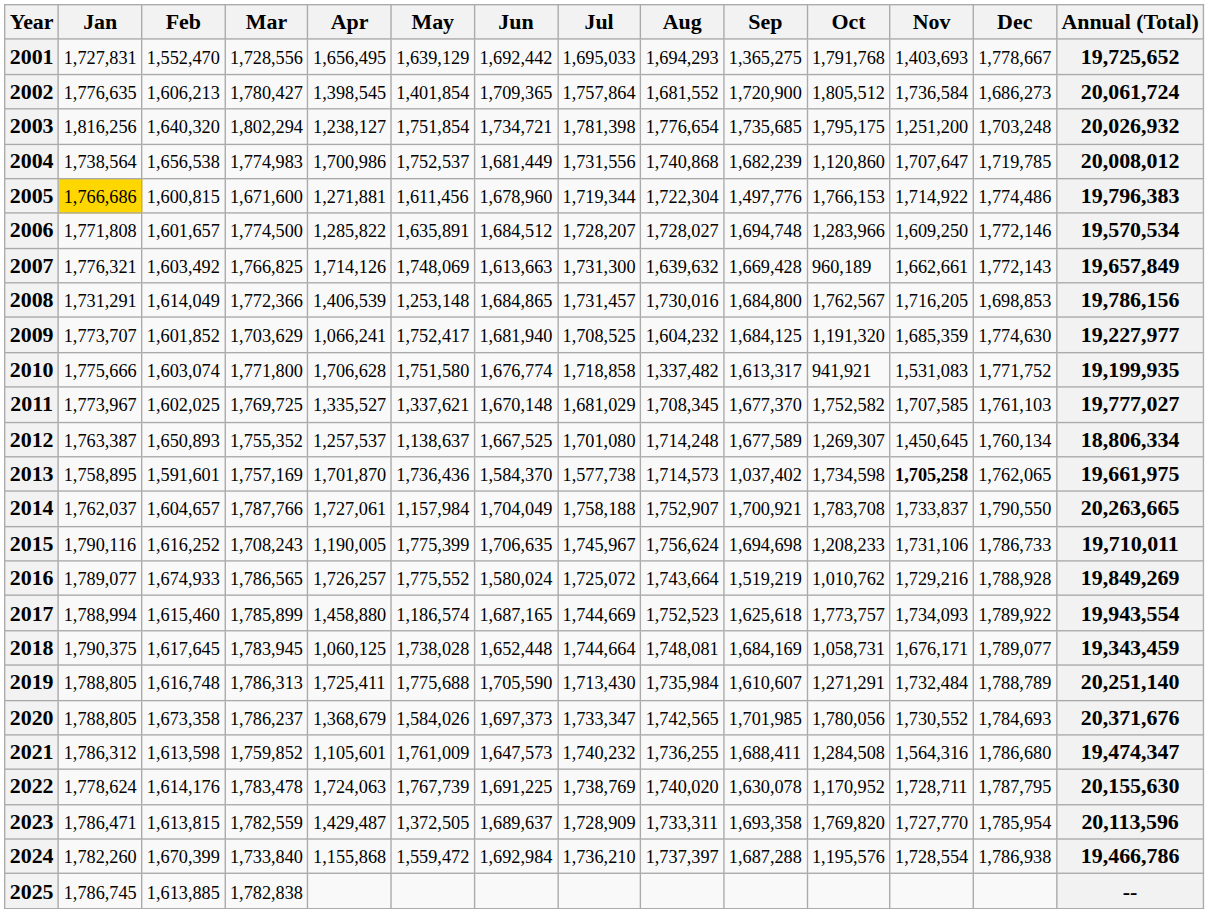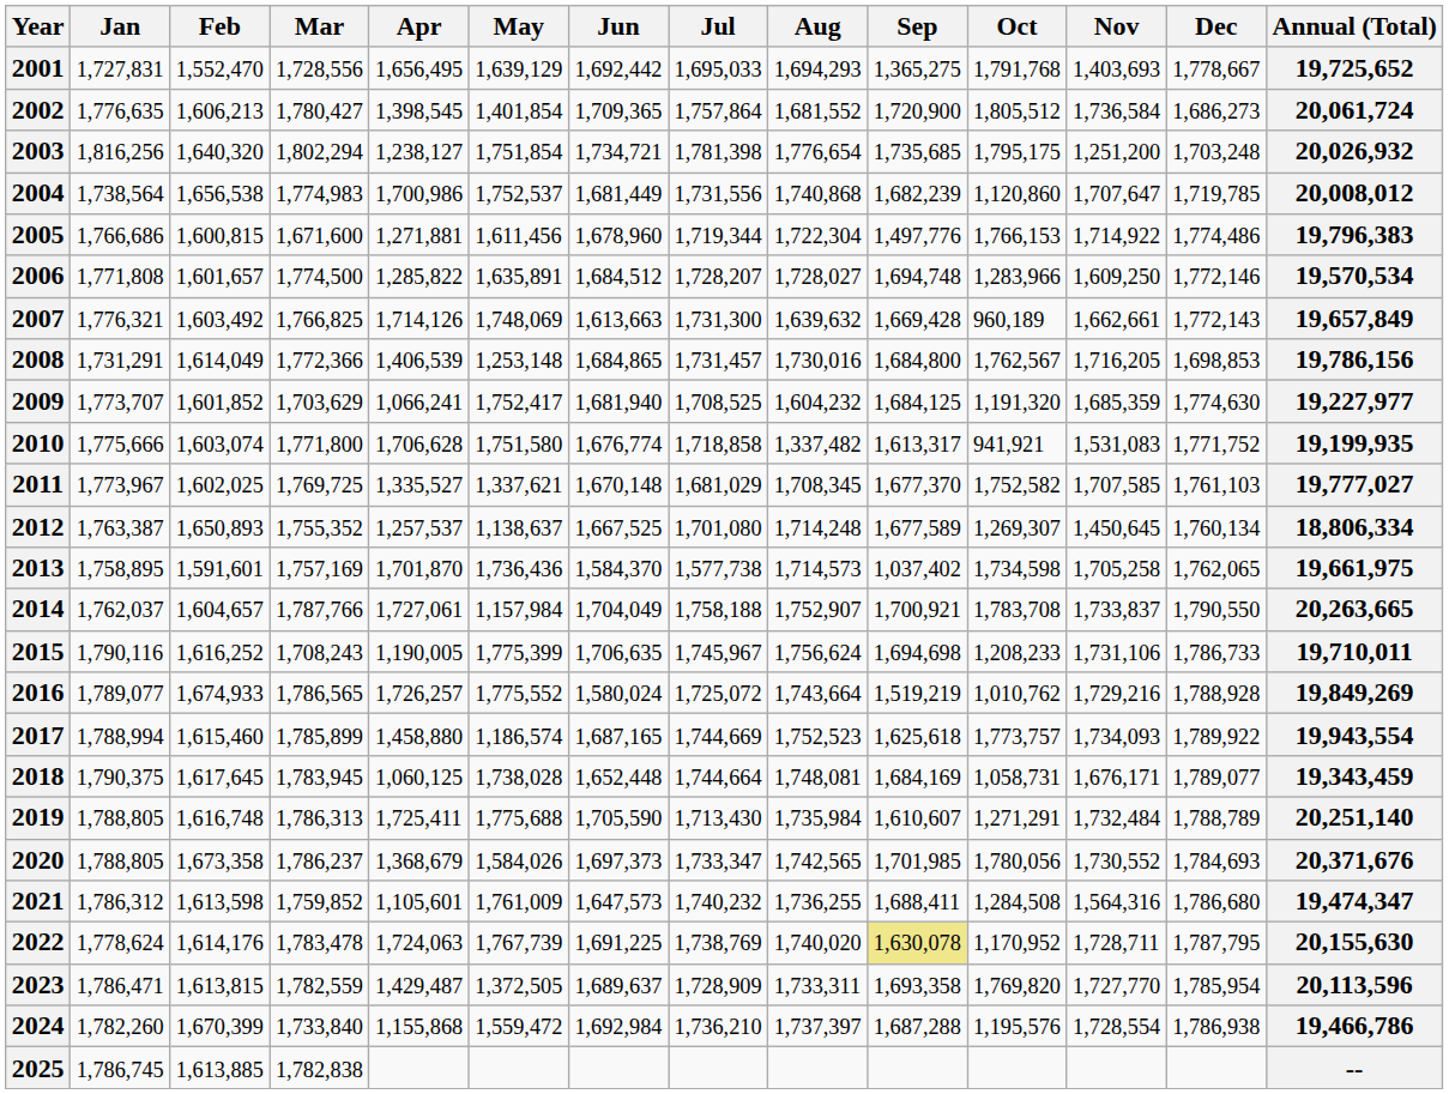 <table class="wikitable">
 <tr>
 <th>Year</th>
 <th>Jan</th>
 <th>Feb</th>
 <th>Mar</th>
 <th>Apr</th>
 <th>May</th>
 <th>Jun</th>
 <th>Jul</th>
 <th>Aug</th>
 <th>Sep</th>
 <th>Oct</th>
 <th>Nov</th>
 <th>Dec</th>
 <th>Annual (Total)</th>
 </tr>
 <tr>
 <th>2001</th>
 <td><small>1,727,831</small></td>
 <td><small>1,552,470</small></td>
 <td><small>1,728,556</small></td>
 <td><small>1,656,495</small></td>
 <td><small>1,639,129</small></td>
 <td><small>1,692,442</small></td>
 <td><small>1,695,033</small></td>
 <td><small>1,694,293</small></td>
 <td><small>1,365,275</small></td>
 <td><small>1,791,768</small></td>
 <td><small>1,403,693</small></td>
 <td><small>1,778,667</small></td>
 <th>19,725,652</th>
 </tr>
 <tr>
 <th>2002</th>
 <td><small>1,776,635</small></td>
 <td><small>1,606,213</small></td>
 <td><small>1,780,427</small></td>
 <td><small>1,398,545</small></td>
 <td><small>1,401,854</small></td>
 <td><small>1,709,365</small></td>
 <td><small>1,757,864</small></td>
 <td><small>1,681,552</small></td>
 <td><small>1,720,900</small></td>
 <td><small>1,805,512</small></td>
 <td><small>1,736,584</small></td>
 <td><small>1,686,273</small></td>
 <th>20,061,724</th>
 </tr>
 <tr>
 <th>2003</th>
 <td><small>1,816,256</small></td>
 <td><small>1,640,320</small></td>
 <td><small>1,802,294</small></td>
 <td><small>1,238,127</small></td>
 <td><small>1,751,854</small></td>
 <td><small>1,734,721</small></td>
 <td><small>1,781,398</small></td>
 <td><small>1,776,654</small></td>
 <td><small>1,735,685</small></td>
 <td><small>1,795,175</small></td>
 <td><small>1,251,200</small></td>
 <td><small>1,703,248</small></td>
 <th>20,026,932</th>
 </tr>
 <tr>
 <th>2004</th>
 <td><small>1,738,564</small></td>
 <td><small>1,656,538</small></td>
 <td><small>1,774,983</small></td>
 <td><small>1,700,986</small></td>
 <td><small>1,752,537</small></td>
 <td><small>1,681,449</small></td>
 <td><small>1,731,556</small></td>
 <td><small>1,740,868</small></td>
 <td><small>1,682,239</small></td>
 <td><small>1,120,860</small></td>
 <td><small>1,707,647</small></td>
 <td><small>1,719,785</small></td>
 <th>20,008,012</th>
 </tr>
 <tr>
 <th>2005</th>
-<td style="background: gold;"><small>1,766,686</small></td>
+<td><small>1,766,686</small></td>
 <td><small>1,600,815</small></td>
 <td><small>1,671,600</small></td>
 <td><small>1,271,881</small></td>
 <td><small>1,611,456</small></td>
 <td><small>1,678,960</small></td>
 <td><small>1,719,344</small></td>
 <td><small>1,722,304</small></td>
 <td><small>1,497,776</small></td>
 <td><small>1,766,153</small></td>
 <td><small>1,714,922</small></td>
 <td><small>1,774,486</small></td>
 <th>19,796,383</th>
 </tr>
 <tr>
 <th>2006</th>
 <td><small>1,771,808</small></td>
 <td><small>1,601,657</small></td>
 <td><small>1,774,500</small></td>
 <td><small>1,285,822</small></td>
 <td><small>1,635,891</small></td>
 <td><small>1,684,512</small></td>
 <td><small>1,728,207</small></td>
 <td><small>1,728,027</small></td>
 <td><small>1,694,748</small></td>
 <td><small>1,283,966</small></td>
 <td><small>1,609,250</small></td>
 <td><small>1,772,146</small></td>
 <th>19,570,534</th>
 </tr>
 <tr>
 <th>2007</th>
 <td><small>1,776,321</small></td>
 <td><small>1,603,492</small></td>
 <td><small>1,766,825</small></td>
 <td><small>1,714,126</small></td>
 <td><small>1,748,069</small></td>
 <td><small>1,613,663</small></td>
 <td><small>1,731,300</small></td>
 <td><small>1,639,632</small></td>
 <td><small>1,669,428</small></td>
 <td><small>960,189</small></td>
 <td><small>1,662,661</small></td>
 <td><small>1,772,143</small></td>
 <th>19,657,849</th>
 </tr>
 <tr>
 <th>2008</th>
 <td><small>1,731,291</small></td>
 <td><small>1,614,049</small></td>
 <td><small>1,772,366</small></td>
 <td><small>1,406,539</small></td>
 <td><small>1,253,148</small></td>
 <td><small>1,684,865</small></td>
 <td><small>1,731,457</small></td>
 <td><small>1,730,016</small></td>
 <td><small>1,684,800</small></td>
 <td><small>1,762,567</small></td>
 <td><small>1,716,205</small></td>
 <td><small>1,698,853</small></td>
 <th>19,786,156</th>
 </tr>
 <tr>
 <th>2009</th>
 <td><small>1,773,707</small></td>
 <td><small>1,601,852</small></td>
 <td><small>1,703,629</small></td>
 <td><small>1,066,241</small></td>
 <td><small>1,752,417</small></td>
 <td><small>1,681,940</small></td>
 <td><small>1,708,525</small></td>
 <td><small>1,604,232</small></td>
 <td><small>1,684,125</small></td>
 <td><small>1,191,320</small></td>
 <td><small>1,685,359</small></td>
 <td><small>1,774,630</small></td>
 <th>19,227,977</th>
 </tr>
 <tr>
 <th>2010</th>
 <td><small>1,775,666</small></td>
 <td><small>1,603,074</small></td>
 <td><small>1,771,800</small></td>
 <td><small>1,706,628</small></td>
 <td><small>1,751,580</small></td>
 <td><small>1,676,774</small></td>
 <td><small>1,718,858</small></td>
 <td><small>1,337,482</small></td>
 <td><small>1,613,317</small></td>
 <td><small>941,921</small></td>
 <td><small>1,531,083</small></td>
 <td><small>1,771,752</small></td>
 <th>19,199,935</th>
 </tr>
 <tr>
 <th>2011</th>
 <td><small>1,773,967</small></td>
 <td><small>1,602,025</small></td>
 <td><small>1,769,725</small></td>
 <td><small>1,335,527</small></td>
 <td><small>1,337,621</small></td>
 <td><small>1,670,148</small></td>
 <td><small>1,681,029</small></td>
 <td><small>1,708,345</small></td>
 <td><small>1,677,370</small></td>
 <td><small>1,752,582</small></td>
 <td><small>1,707,585</small></td>
 <td><small>1,761,103</small></td>
 <th>19,777,027</th>
 </tr>
 <tr>
 <th>2012</th>
 <td><small>1,763,387</small></td>
 <td><small>1,650,893</small></td>
 <td><small>1,755,352</small></td>
 <td><small>1,257,537</small></td>
 <td><small>1,138,637</small></td>
 <td><small>1,667,525</small></td>
 <td><small>1,701,080</small></td>
 <td><small>1,714,248</small></td>
 <td><small>1,677,589</small></td>
 <td><small>1,269,307</small></td>
 <td><small>1,450,645</small></td>
 <td><small>1,760,134</small></td>
 <th>18,806,334</th>
 </tr>
 <tr>
 <th>2013</th>
 <td><small>1,758,895</small></td>
 <td><small>1,591,601</small></td>
 <td><small>1,757,169</small></td>
 <td><small>1,701,870</small></td>
 <td><small>1,736,436</small></td>
 <td><small>1,584,370</small></td>
 <td><small>1,577,738</small></td>
 <td><small>1,714,573</small></td>
 <td><small>1,037,402</small></td>
 <td><small>1,734,598</small></td>
-<td><strong><small>1,705,258</small></strong></td>
+<td><small>1,705,258</small></td>
 <td><small>1,762,065</small></td>
 <th>19,661,975</th>
 </tr>
 <tr>
 <th>2014</th>
 <td><small>1,762,037</small></td>
 <td><small>1,604,657</small></td>
 <td><small>1,787,766</small></td>
 <td><small>1,727,061</small></td>
 <td><small>1,157,984</small></td>
 <td><small>1,704,049</small></td>
 <td><small>1,758,188</small></td>
 <td><small>1,752,907</small></td>
 <td><small>1,700,921</small></td>
 <td><small>1,783,708</small></td>
 <td><small>1,733,837</small></td>
 <td><small>1,790,550</small></td>
 <th>20,263,665</th>
 </tr>
 <tr>
 <th>2015</th>
 <td><small>1,790,116</small></td>
 <td><small>1,616,252</small></td>
 <td><small>1,708,243</small></td>
 <td><small>1,190,005</small></td>
 <td><small>1,775,399</small></td>
 <td><small>1,706,635</small></td>
 <td><small>1,745,967</small></td>
 <td><small>1,756,624</small></td>
 <td><small>1,694,698</small></td>
 <td><small>1,208,233</small></td>
 <td><small>1,731,106</small></td>
 <td><small>1,786,733</small></td>
 <th>19,710,011</th>
 </tr>
 <tr>
 <th>2016</th>
 <td><small>1,789,077</small></td>
 <td><small>1,674,933</small></td>
 <td><small>1,786,565</small></td>
 <td><small>1,726,257</small></td>
 <td><small>1,775,552</small></td>
 <td><small>1,580,024</small></td>
 <td><small>1,725,072</small></td>
 <td><small>1,743,664</small></td>
 <td><small>1,519,219</small></td>
 <td><small>1,010,762</small></td>
 <td><small>1,729,216</small></td>
 <td><small>1,788,928</small></td>
 <th>19,849,269</th>
 </tr>
 <tr>
 <th>2017</th>
 <td><small>1,788,994</small></td>
 <td><small>1,615,460</small></td>
 <td><small>1,785,899</small></td>
 <td><small>1,458,880</small></td>
 <td><small>1,186,574</small></td>
 <td><small>1,687,165</small></td>
 <td><small>1,744,669</small></td>
 <td><small>1,752,523</small></td>
 <td><small>1,625,618</small></td>
 <td><small>1,773,757</small></td>
 <td><small>1,734,093</small></td>
 <td><small>1,789,922</small></td>
 <th>19,943,554</th>
 </tr>
 <tr>
 <th>2018</th>
 <td><small>1,790,375</small></td>
 <td><small>1,617,645</small></td>
 <td><small>1,783,945</small></td>
 <td><small>1,060,125</small></td>
 <td><small>1,738,028</small></td>
 <td><small>1,652,448</small></td>
 <td><small>1,744,664</small></td>
 <td><small>1,748,081</small></td>
 <td><small>1,684,169</small></td>
 <td><small>1,058,731</small></td>
 <td><small>1,676,171</small></td>
 <td><small>1,789,077</small></td>
 <th>19,343,459</th>
 </tr>
 <tr>
 <th>2019</th>
 <td><small>1,788,805</small></td>
 <td><small>1,616,748</small></td>
 <td><small>1,786,313</small></td>
 <td><small>1,725,411</small></td>
 <td><small>1,775,688</small></td>
 <td><small>1,705,590</small></td>
 <td><small>1,713,430</small></td>
 <td><small>1,735,984</small></td>
 <td><small>1,610,607</small></td>
 <td><small>1,271,291</small></td>
 <td><small>1,732,484</small></td>
 <td><small>1,788,789</small></td>
 <th>20,251,140</th>
 </tr>
 <tr>
 <th>2020</th>
 <td><small>1,788,805</small></td>
 <td><small>1,673,358</small></td>
 <td><small>1,786,237</small></td>
 <td><small>1,368,679</small></td>
 <td><small>1,584,026</small></td>
 <td><small>1,697,373</small></td>
 <td><small>1,733,347</small></td>
 <td><small>1,742,565</small></td>
 <td><small>1,701,985</small></td>
 <td><small>1,780,056</small></td>
 <td><small>1,730,552</small></td>
 <td><small>1,784,693</small></td>
 <th>20,371,676</th>
 </tr>
 <tr>
 <th>2021</th>
 <td><small>1,786,312</small></td>
 <td><small>1,613,598</small></td>
 <td><small>1,759,852</small></td>
 <td><small>1,105,601</small></td>
 <td><small>1,761,009</small></td>
 <td><small>1,647,573</small></td>
 <td><small>1,740,232</small></td>
 <td><small>1,736,255</small></td>
 <td><small>1,688,411</small></td>
 <td><small>1,284,508</small></td>
 <td><small>1,564,316</small></td>
 <td><small>1,786,680</small></td>
 <th>19,474,347</th>
 </tr>
 <tr>
 <th>2022</th>
 <td><small>1,778,624</small></td>
 <td><small>1,614,176</small></td>
 <td><small>1,783,478</small></td>
 <td><small>1,724,063</small></td>
 <td><small>1,767,739</small></td>
 <td><small>1,691,225</small></td>
 <td><small>1,738,769</small></td>
 <td><small>1,740,020</small></td>
-<td><small>1,630,078</small></td>
+<td style="background: khaki;"><small>1,630,078</small></td>
 <td><small>1,170,952</small></td>
 <td><small>1,728,711</small></td>
 <td><small>1,787,795</small></td>
 <th>20,155,630</th>
 </tr>
 <tr>
 <th>2023</th>
 <td><small>1,786,471</small></td>
 <td><small>1,613,815</small></td>
 <td><small>1,782,559</small></td>
 <td><small>1,429,487</small></td>
 <td><small>1,372,505</small></td>
 <td><small>1,689,637</small></td>
 <td><small>1,728,909</small></td>
 <td><small>1,733,311</small></td>
 <td><small>1,693,358</small></td>
 <td><small>1,769,820</small></td>
 <td><small>1,727,770</small></td>
 <td><small>1,785,954</small></td>
 <th>20,113,596</th>
 </tr>
 <tr>
 <th>2024</th>
 <td><small>1,782,260</small></td>
 <td><small>1,670,399</small></td>
 <td><small>1,733,840</small></td>
 <td><small>1,155,868</small></td>
 <td><small>1,559,472</small></td>
 <td><small>1,692,984</small></td>
 <td><small>1,736,210</small></td>
 <td><small>1,737,397</small></td>
 <td><small>1,687,288</small></td>
 <td><small>1,195,576</small></td>
 <td><small>1,728,554</small></td>
 <td><small>1,786,938</small></td>
 <th>19,466,786</th>
 </tr>
 <tr>
 <th>2025</th>
 <td><small>1,786,745</small></td>
 <td><small>1,613,885</small></td>
 <td><small>1,782,838</small></td>
 <td><small></small></td>
 <td><small></small></td>
 <td><small></small></td>
 <td><small></small></td>
 <td><small></small></td>
 <td><small></small></td>
 <td><small></small></td>
 <td><small></small></td>
 <td><small></small></td>
 <th>--</th>
 </tr>
 <tr>
 </tr>
 </table>
